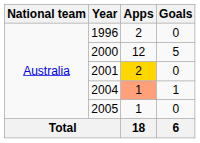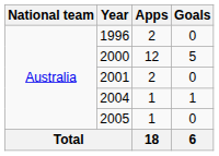 <table class="wikitable" style="text-align:center">
 <tr>
 <th>National team</th>
 <th>Year</th>
 <th>Apps</th>
 <th>Goals</th>
 </tr>
 <tr>
 <td rowspan="5"><a href='#'>Australia</a></td>
 <td>1996</td>
 <td>2</td>
 <td>0</td>
 </tr>
 <tr>
 <td>2000</td>
 <td>12</td>
 <td>5</td>
 </tr>
 <tr>
 <td>2001</td>
-<td style="background: gold;">2</td>
+<td>2</td>
 <td>0</td>
 </tr>
 <tr>
 <td>2004</td>
-<td style="background: lightsalmon;">1</td>
+<td>1</td>
 <td>1</td>
 </tr>
 <tr>
 <td>2005</td>
 <td>1</td>
 <td>0</td>
 </tr>
 <tr>
 <th colspan="2">Total</th>
 <th>18</th>
 <th>6</th>
 </tr>
 </table>
